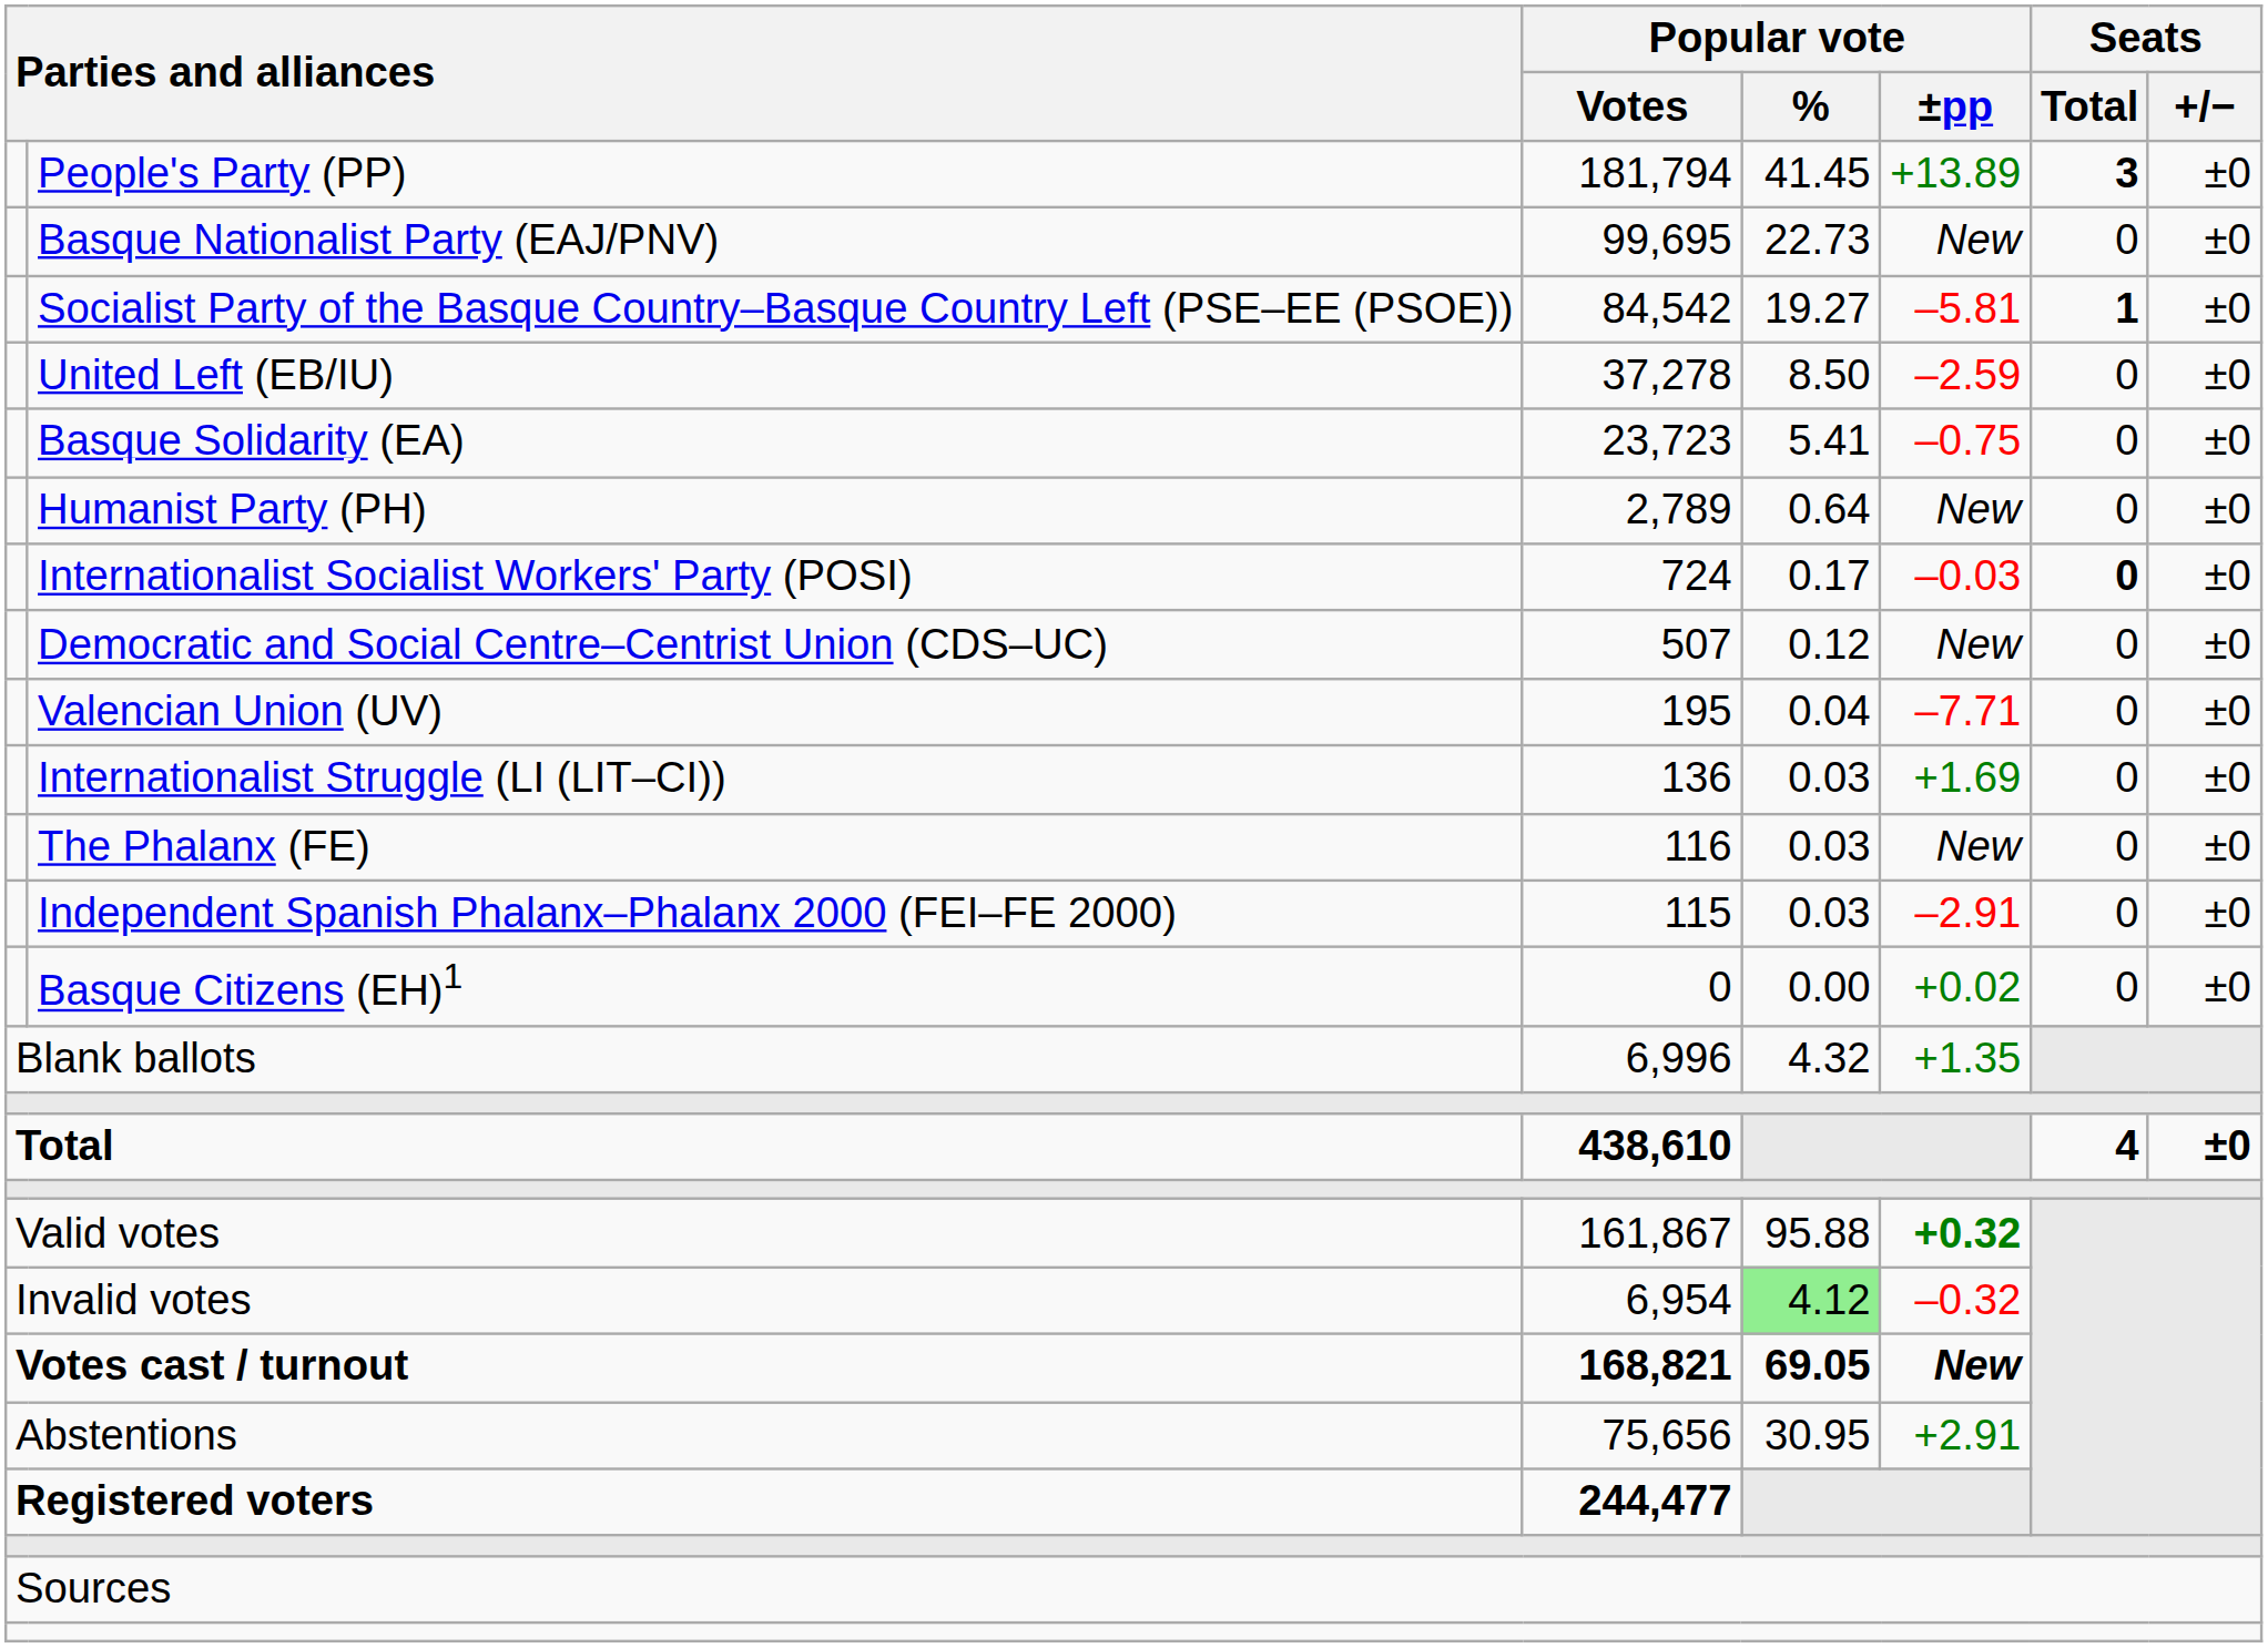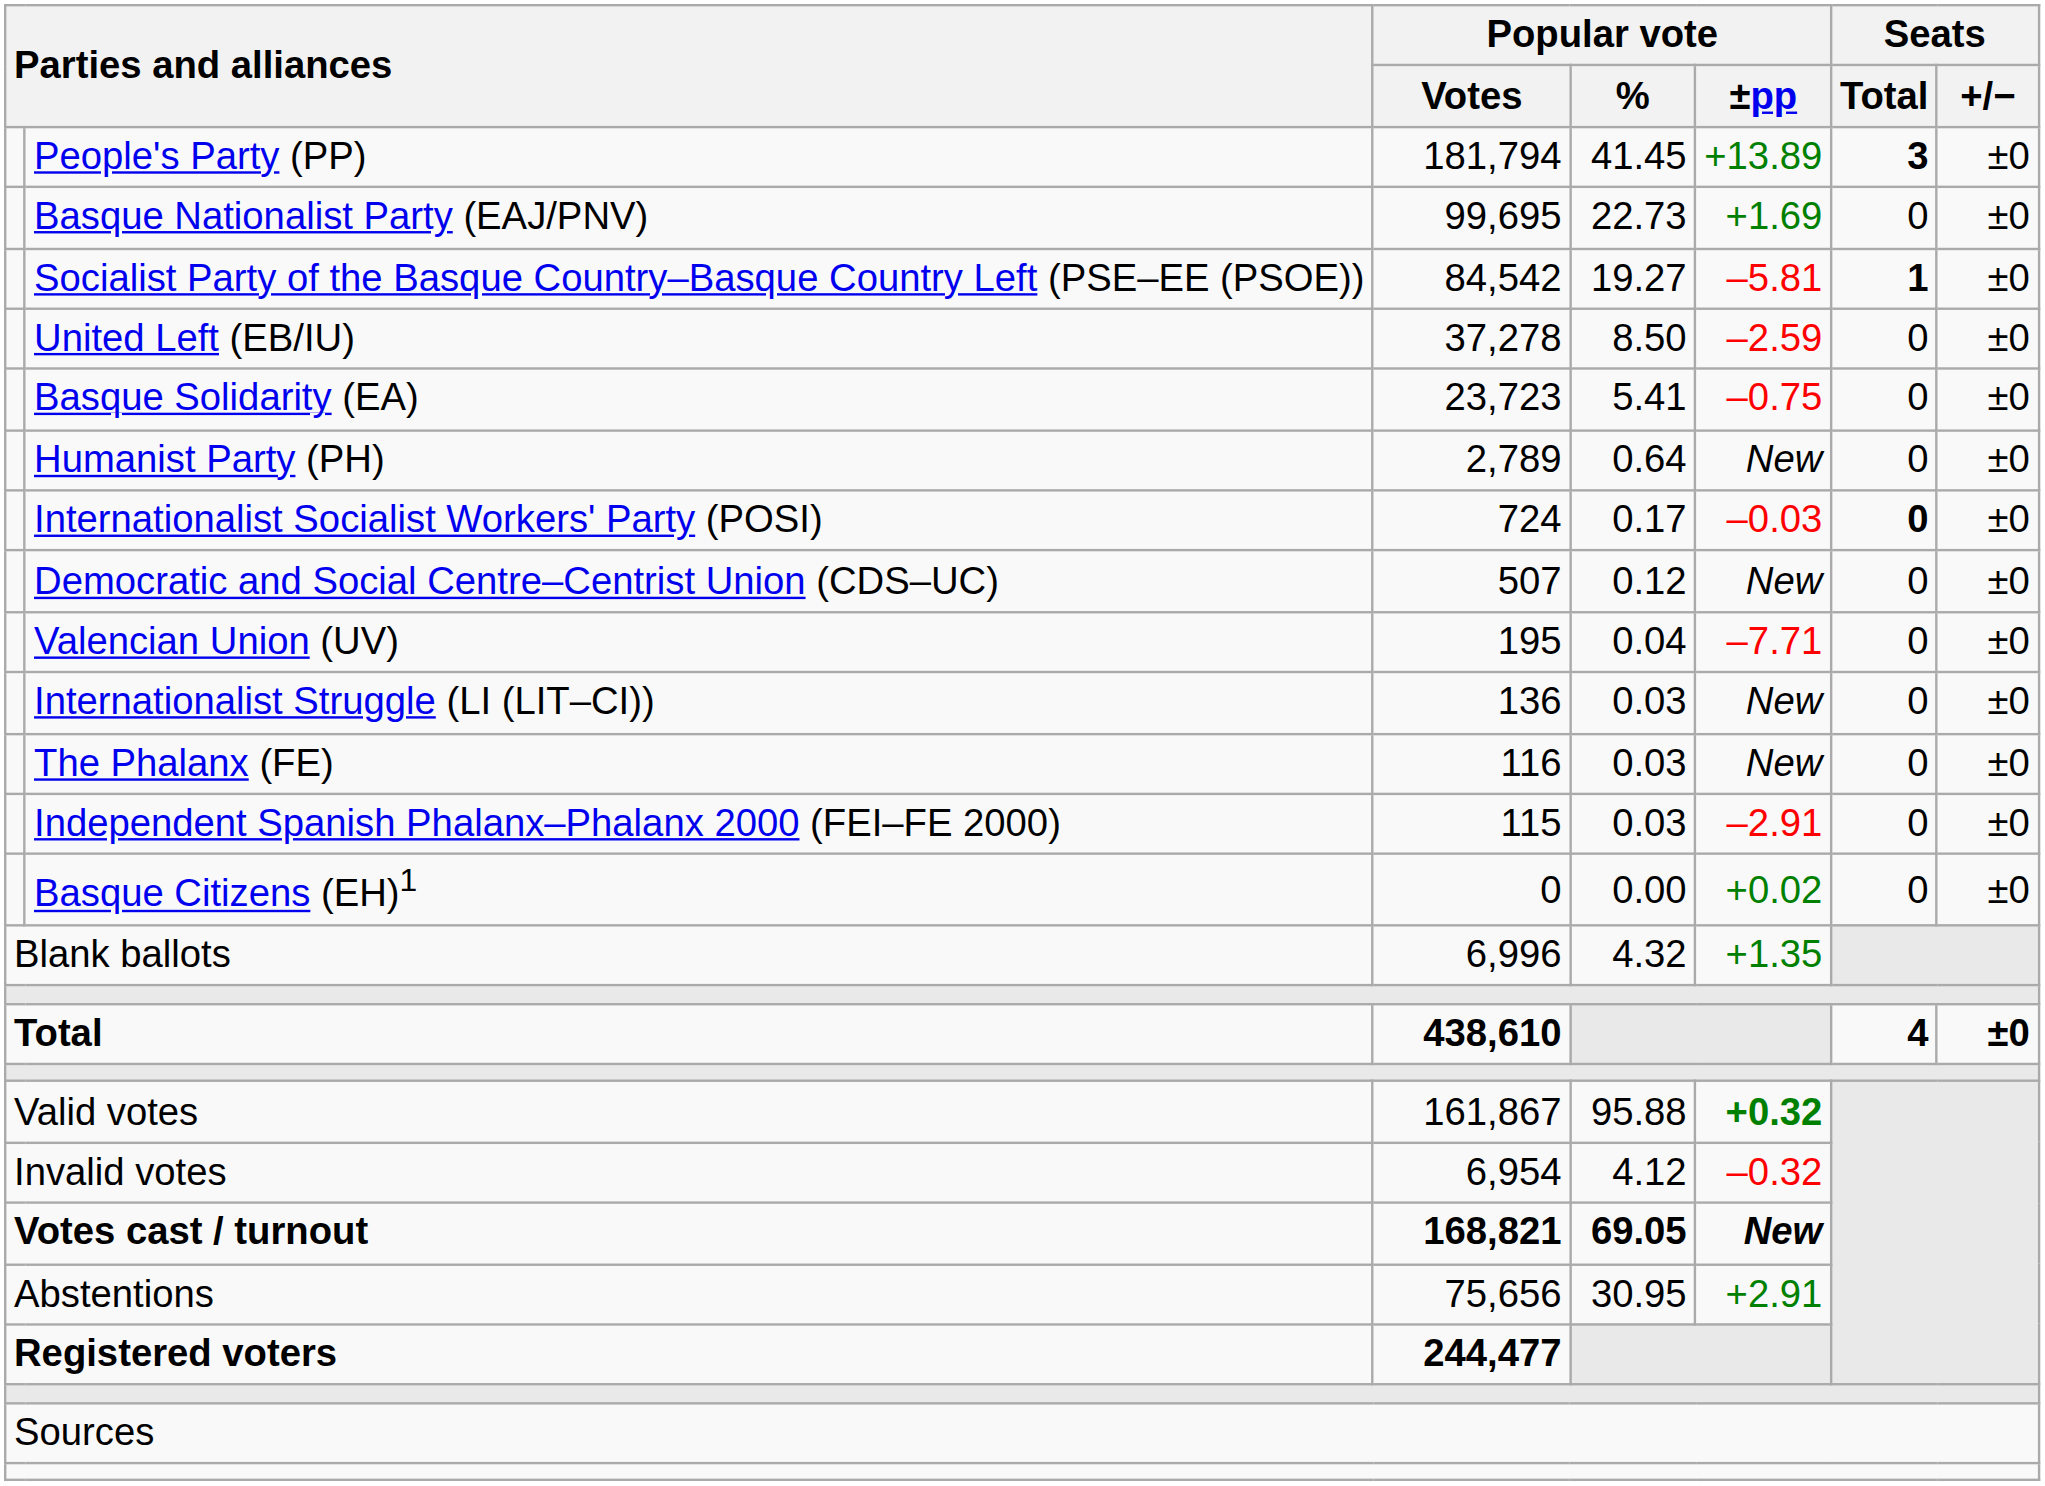 <table class="wikitable" style="text-align:right;">
 <tr>
 <th style="text-align:left;" rowspan="2" colspan="2" width="525">Parties and alliances</th>
 <th colspan="3">Popular vote</th>
 <th colspan="2">Seats</th>
 </tr>
 <tr>
 <th width="75">Votes</th>
 <th width="45">%</th>
 <th width="45">±<a href='#'>pp</a></th>
 <th width="35">Total</th>
 <th width="35">+/−</th>
 </tr>
 <tr>
 <td width="1" style="color:inherit;background:"></td>
 <td align="left"><a href='#'>People's Party</a> (PP)</td>
 <td>181,794</td>
 <td>41.45</td>
 <td style="color:green;">+13.89</td>
 <td><strong>3</strong></td>
 <td>±0</td>
 </tr>
 <tr>
 <td style="color:inherit;background:"></td>
 <td align="left"><a href='#'>Basque Nationalist Party</a> (EAJ/PNV)</td>
 <td>99,695</td>
 <td>22.73</td>
-<td><em>New</em></td>
+<td style="color:green;">+1.69</td>
 <td>0</td>
 <td>±0</td>
 </tr>
 <tr>
 <td style="color:inherit;background:"></td>
 <td align="left"><a href='#'>Socialist Party of the Basque Country–Basque Country Left</a> (PSE–EE (PSOE))</td>
 <td>84,542</td>
 <td>19.27</td>
 <td style="color:red;">–5.81</td>
 <td><strong>1</strong></td>
 <td>±0</td>
 </tr>
 <tr>
 <td style="color:inherit;background:"></td>
 <td align="left"><a href='#'>United Left</a> (EB/IU)</td>
 <td>37,278</td>
 <td>8.50</td>
 <td style="color:red;">–2.59</td>
 <td>0</td>
 <td>±0</td>
 </tr>
 <tr>
 <td style="color:inherit;background:"></td>
 <td align="left"><a href='#'>Basque Solidarity</a> (EA)</td>
 <td>23,723</td>
 <td>5.41</td>
 <td style="color:red;">–0.75</td>
 <td>0</td>
 <td>±0</td>
 </tr>
 <tr>
 <td style="color:inherit;background:"></td>
 <td align="left"><a href='#'>Humanist Party</a> (PH)</td>
 <td>2,789</td>
 <td>0.64</td>
 <td><em>New</em></td>
 <td>0</td>
 <td>±0</td>
 </tr>
 <tr>
 <td style="color:inherit;background:"></td>
 <td align="left"><a href='#'>Internationalist Socialist Workers' Party</a> (POSI)</td>
 <td>724</td>
 <td>0.17</td>
 <td style="color:red;">–0.03</td>
 <td><strong>0</strong></td>
 <td>±0</td>
 </tr>
 <tr>
 <td style="color:inherit;background:"></td>
 <td align="left"><a href='#'>Democratic and Social Centre–Centrist Union</a> (CDS–UC)</td>
 <td>507</td>
 <td>0.12</td>
 <td><em>New</em></td>
 <td>0</td>
 <td>±0</td>
 </tr>
 <tr>
 <td style="color:inherit;background:"></td>
 <td align="left"><a href='#'>Valencian Union</a> (UV)</td>
 <td>195</td>
 <td>0.04</td>
 <td style="color:red;">–7.71</td>
 <td>0</td>
 <td>±0</td>
 </tr>
 <tr>
 <td style="color:inherit;background:"></td>
 <td align="left"><a href='#'>Internationalist Struggle</a> (LI (LIT–CI))</td>
 <td>136</td>
 <td>0.03</td>
-<td style="color:green;">+1.69</td>
+<td><em>New</em></td>
 <td>0</td>
 <td>±0</td>
 </tr>
 <tr>
 <td style="color:inherit;background:"></td>
 <td align="left"><a href='#'>The Phalanx</a> (FE)</td>
 <td>116</td>
 <td>0.03</td>
 <td><em>New</em></td>
 <td>0</td>
 <td>±0</td>
 </tr>
 <tr>
 <td style="color:inherit;background:"></td>
 <td align="left"><a href='#'>Independent Spanish Phalanx–Phalanx 2000</a> (FEI–FE 2000)</td>
 <td>115</td>
 <td>0.03</td>
 <td style="color:red;">–2.91</td>
 <td>0</td>
 <td>±0</td>
 </tr>
 <tr>
 <td style="color:inherit;background:"></td>
 <td align="left"><a href='#'>Basque Citizens</a> (EH)<sup>1</sup></td>
 <td>0</td>
 <td>0.00</td>
 <td style="color:green;">+0.02</td>
 <td>0</td>
 <td>±0</td>
 </tr>
 <tr>
 <td align="left" colspan="2">Blank ballots</td>
 <td>6,996</td>
 <td>4.32</td>
 <td style="color:green;">+1.35</td>
 <td bgcolor="#E9E9E9" colspan="2"></td>
 </tr>
 <tr>
 <td colspan="7" bgcolor="#E9E9E9"></td>
 </tr>
 <tr style="font-weight:bold;">
 <td align="left" colspan="2">Total</td>
 <td>438,610</td>
 <td bgcolor="#E9E9E9" colspan="2"></td>
 <td>4</td>
 <td>±0</td>
 </tr>
 <tr>
 <td colspan="7" bgcolor="#E9E9E9"></td>
 </tr>
 <tr>
 <td align="left" colspan="2">Valid votes</td>
 <td>161,867</td>
 <td>95.88</td>
 <td style="color:green;"><strong>+0.32</strong></td>
 <td bgcolor="#E9E9E9" colspan="2" rowspan="5"></td>
 </tr>
 <tr>
 <td align="left" colspan="2">Invalid votes</td>
 <td>6,954</td>
-<td style="background: lightgreen;">4.12</td>
+<td>4.12</td>
 <td style="color:red;">–0.32</td>
 </tr>
 <tr style="font-weight:bold;">
 <td align="left" colspan="2">Votes cast / turnout</td>
 <td>168,821</td>
 <td>69.05</td>
 <td><em>New</em></td>
 </tr>
 <tr>
 <td align="left" colspan="2">Abstentions</td>
 <td>75,656</td>
 <td>30.95</td>
 <td style="color:green;">+2.91</td>
 </tr>
 <tr style="font-weight:bold;">
 <td align="left" colspan="2">Registered voters</td>
 <td>244,477</td>
 <td bgcolor="#E9E9E9" colspan="2"></td>
 </tr>
 <tr>
 <td colspan="7" bgcolor="#E9E9E9"></td>
 </tr>
 <tr>
 <td align="left" colspan="7">Sources</td>
 </tr>
 <tr>
 <td colspan="7" style="text-align:left; max-width:790px;"></td>
 </tr>
 </table>
